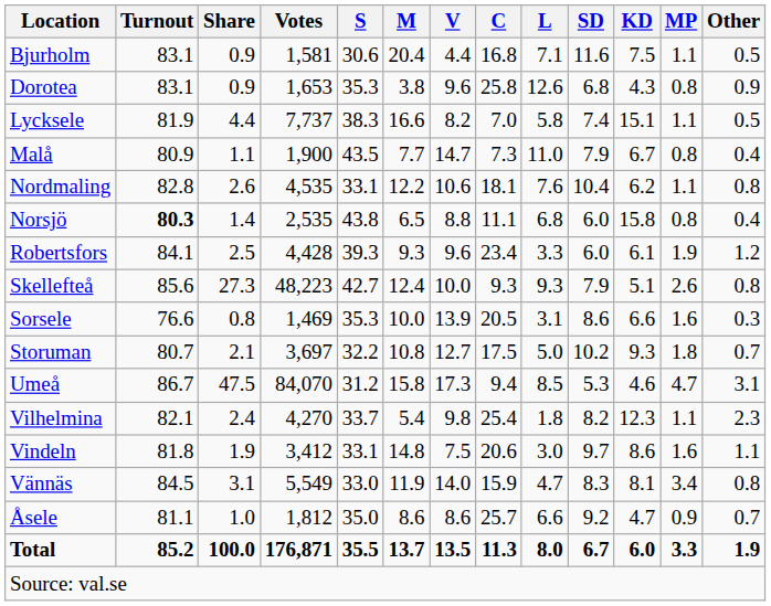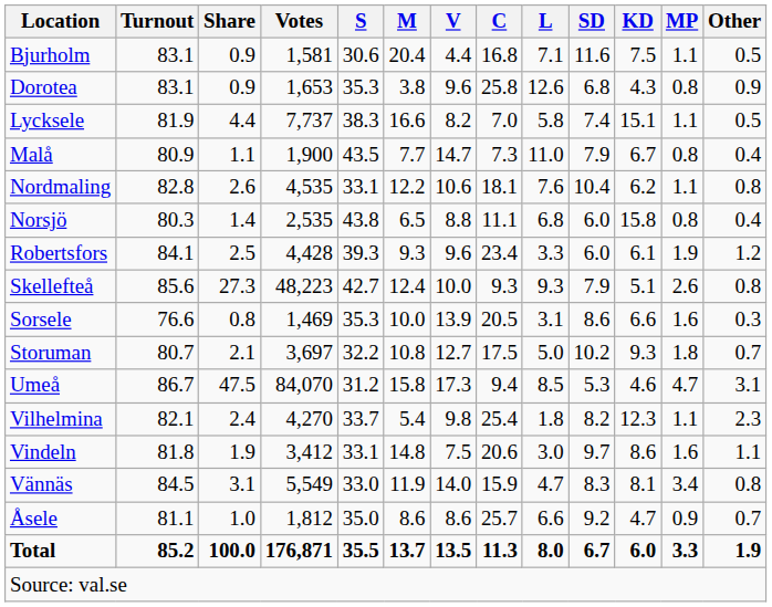 <table class="wikitable sortable" style=text-align:right>
 <tr>
 <th>Location</th>
 <th>Turnout</th>
 <th>Share</th>
 <th>Votes</th>
 <th><a href='#'>S</a></th>
 <th><a href='#'>M</a></th>
 <th><a href='#'>V</a></th>
 <th><a href='#'>C</a></th>
 <th><a href='#'>L</a></th>
 <th><a href='#'>SD</a></th>
 <th><a href='#'>KD</a></th>
 <th><a href='#'>MP</a></th>
 <th>Other</th>
 </tr>
 <tr>
 <td align=left><a href='#'>Bjurholm</a></td>
 <td>83.1</td>
 <td>0.9</td>
 <td>1,581</td>
 <td>30.6</td>
 <td>20.4</td>
 <td>4.4</td>
 <td>16.8</td>
 <td>7.1</td>
 <td>11.6</td>
 <td>7.5</td>
 <td>1.1</td>
 <td>0.5</td>
 </tr>
 <tr>
 <td align=left><a href='#'>Dorotea</a></td>
 <td>83.1</td>
 <td>0.9</td>
 <td>1,653</td>
 <td>35.3</td>
 <td>3.8</td>
 <td>9.6</td>
 <td>25.8</td>
 <td>12.6</td>
 <td>6.8</td>
 <td>4.3</td>
 <td>0.8</td>
 <td>0.9</td>
 </tr>
 <tr>
 <td align=left><a href='#'>Lycksele</a></td>
 <td>81.9</td>
 <td>4.4</td>
 <td>7,737</td>
 <td>38.3</td>
 <td>16.6</td>
 <td>8.2</td>
 <td>7.0</td>
 <td>5.8</td>
 <td>7.4</td>
 <td>15.1</td>
 <td>1.1</td>
 <td>0.5</td>
 </tr>
 <tr>
 <td align=left><a href='#'>Malå</a></td>
 <td>80.9</td>
 <td>1.1</td>
 <td>1,900</td>
 <td>43.5</td>
 <td>7.7</td>
 <td>14.7</td>
 <td>7.3</td>
 <td>11.0</td>
 <td>7.9</td>
 <td>6.7</td>
 <td>0.8</td>
 <td>0.4</td>
 </tr>
 <tr>
 <td align=left><a href='#'>Nordmaling</a></td>
 <td>82.8</td>
 <td>2.6</td>
 <td>4,535</td>
 <td>33.1</td>
 <td>12.2</td>
 <td>10.6</td>
 <td>18.1</td>
 <td>7.6</td>
 <td>10.4</td>
 <td>6.2</td>
 <td>1.1</td>
 <td>0.8</td>
 </tr>
 <tr>
 <td align=left><a href='#'>Norsjö</a></td>
-<td><strong>80.3</strong></td>
+<td>80.3</td>
 <td>1.4</td>
 <td>2,535</td>
 <td>43.8</td>
 <td>6.5</td>
 <td>8.8</td>
 <td>11.1</td>
 <td>6.8</td>
 <td>6.0</td>
 <td>15.8</td>
 <td>0.8</td>
 <td>0.4</td>
 </tr>
 <tr>
 <td align=left><a href='#'>Robertsfors</a></td>
 <td>84.1</td>
 <td>2.5</td>
 <td>4,428</td>
 <td>39.3</td>
 <td>9.3</td>
 <td>9.6</td>
 <td>23.4</td>
 <td>3.3</td>
 <td>6.0</td>
 <td>6.1</td>
 <td>1.9</td>
 <td>1.2</td>
 </tr>
 <tr>
 <td align=left><a href='#'>Skellefteå</a></td>
 <td>85.6</td>
 <td>27.3</td>
 <td>48,223</td>
 <td>42.7</td>
 <td>12.4</td>
 <td>10.0</td>
 <td>9.3</td>
 <td>9.3</td>
 <td>7.9</td>
 <td>5.1</td>
 <td>2.6</td>
 <td>0.8</td>
 </tr>
 <tr>
 <td align=left><a href='#'>Sorsele</a></td>
 <td>76.6</td>
 <td>0.8</td>
 <td>1,469</td>
 <td>35.3</td>
 <td>10.0</td>
 <td>13.9</td>
 <td>20.5</td>
 <td>3.1</td>
 <td>8.6</td>
 <td>6.6</td>
 <td>1.6</td>
 <td>0.3</td>
 </tr>
 <tr>
 <td align=left><a href='#'>Storuman</a></td>
 <td>80.7</td>
 <td>2.1</td>
 <td>3,697</td>
 <td>32.2</td>
 <td>10.8</td>
 <td>12.7</td>
 <td>17.5</td>
 <td>5.0</td>
 <td>10.2</td>
 <td>9.3</td>
 <td>1.8</td>
 <td>0.7</td>
 </tr>
 <tr>
 <td align=left><a href='#'>Umeå</a></td>
 <td>86.7</td>
 <td>47.5</td>
 <td>84,070</td>
 <td>31.2</td>
 <td>15.8</td>
 <td>17.3</td>
 <td>9.4</td>
 <td>8.5</td>
 <td>5.3</td>
 <td>4.6</td>
 <td>4.7</td>
 <td>3.1</td>
 </tr>
 <tr>
 <td align=left><a href='#'>Vilhelmina</a></td>
 <td>82.1</td>
 <td>2.4</td>
 <td>4,270</td>
 <td>33.7</td>
 <td>5.4</td>
 <td>9.8</td>
 <td>25.4</td>
 <td>1.8</td>
 <td>8.2</td>
 <td>12.3</td>
 <td>1.1</td>
 <td>2.3</td>
 </tr>
 <tr>
 <td align=left><a href='#'>Vindeln</a></td>
 <td>81.8</td>
 <td>1.9</td>
 <td>3,412</td>
 <td>33.1</td>
 <td>14.8</td>
 <td>7.5</td>
 <td>20.6</td>
 <td>3.0</td>
 <td>9.7</td>
 <td>8.6</td>
 <td>1.6</td>
 <td>1.1</td>
 </tr>
 <tr>
 <td align=left><a href='#'>Vännäs</a></td>
 <td>84.5</td>
 <td>3.1</td>
 <td>5,549</td>
 <td>33.0</td>
 <td>11.9</td>
 <td>14.0</td>
 <td>15.9</td>
 <td>4.7</td>
 <td>8.3</td>
 <td>8.1</td>
 <td>3.4</td>
 <td>0.8</td>
 </tr>
 <tr>
 <td align=left><a href='#'>Åsele</a></td>
 <td>81.1</td>
 <td>1.0</td>
 <td>1,812</td>
 <td>35.0</td>
 <td>8.6</td>
 <td>8.6</td>
 <td>25.7</td>
 <td>6.6</td>
 <td>9.2</td>
 <td>4.7</td>
 <td>0.9</td>
 <td>0.7</td>
 </tr>
 <tr>
 <td align=left><strong>Total</strong></td>
 <td><strong>85.2</strong></td>
 <td><strong>100.0</strong></td>
 <td><strong>176,871</strong></td>
 <td><strong>35.5</strong></td>
 <td><strong>13.7</strong></td>
 <td><strong>13.5</strong></td>
 <td><strong>11.3</strong></td>
 <td><strong>8.0</strong></td>
 <td><strong>6.7</strong></td>
 <td><strong>6.0</strong></td>
 <td><strong>3.3</strong></td>
 <td><strong>1.9</strong></td>
 </tr>
 <tr>
 <td align=left colspan=13>Source: val.se</td>
 </tr>
 </table>
